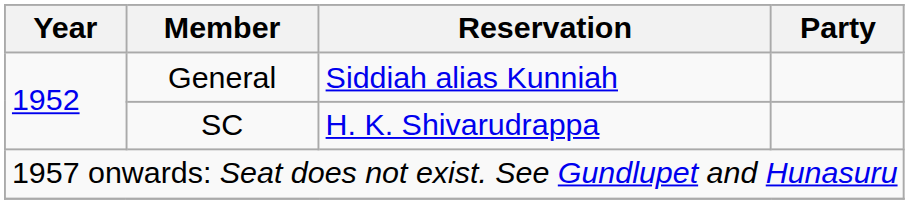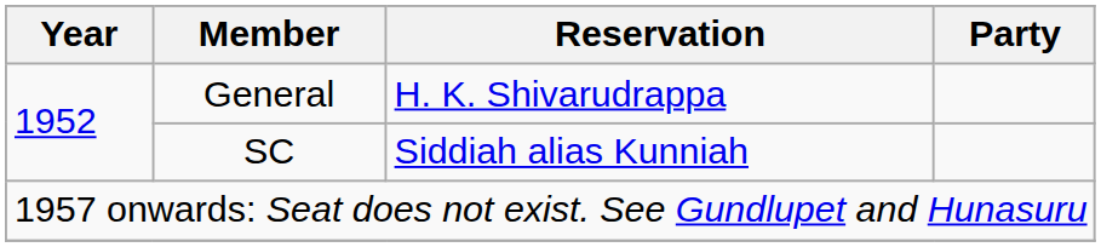 <table class="wikitable">
 <tr>
 <th>Year</th>
 <th>Member</th>
 <th>Reservation</th>
 <th colspan="2">Party</th>
 </tr>
 <tr>
 <td rowspan="2"><a href='#'>1952</a></td>
 <td align="center">General</td>
-<td><a href='#'>Siddiah alias Kunniah</a></td>
+<td><a href='#'>H. K. Shivarudrappa</a></td>
 <td></td>
 </tr>
 <tr>
 <td align="center">SC</td>
-<td><a href='#'>H. K. Shivarudrappa</a></td>
+<td><a href='#'>Siddiah alias Kunniah</a></td>
 </tr>
 <tr>
 <td colspan="6" align="center">1957 onwards: <em>Seat does not exist. See <a href='#'>Gundlupet</a> and <a href='#'>Hunasuru</a></em></td>
 </tr>
 <tr>
 </tr>
 </table>
